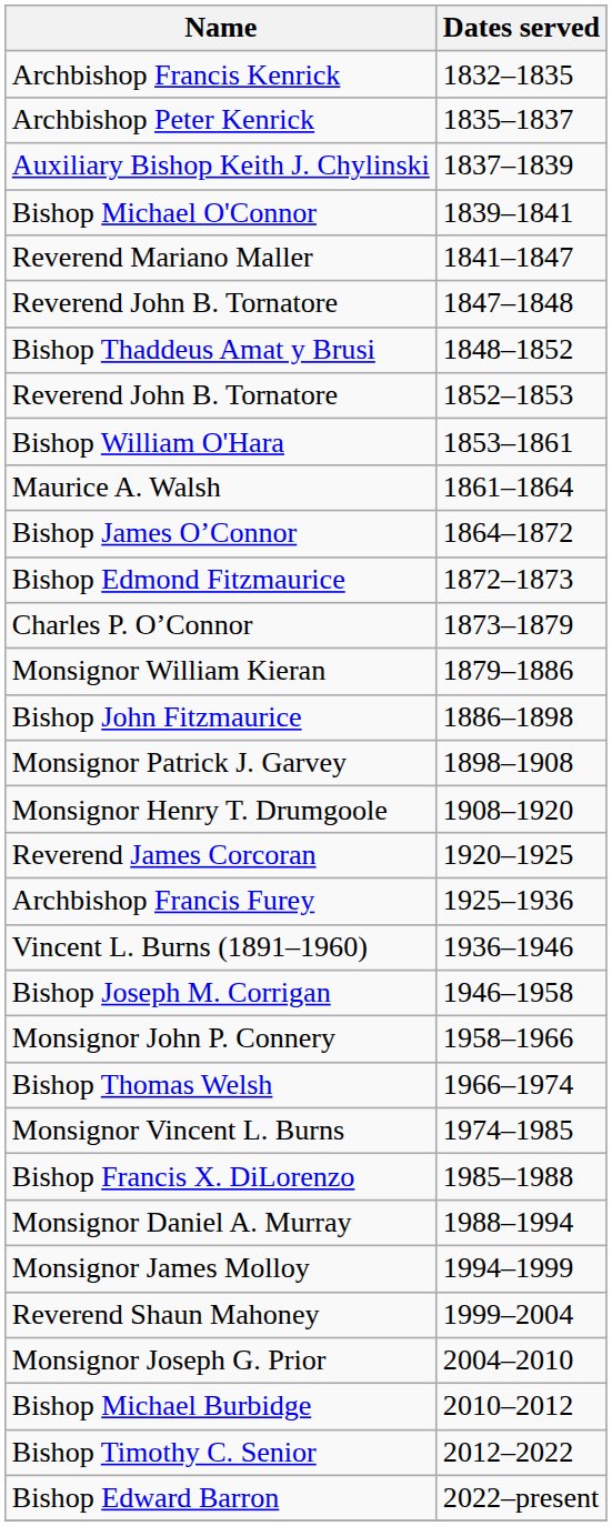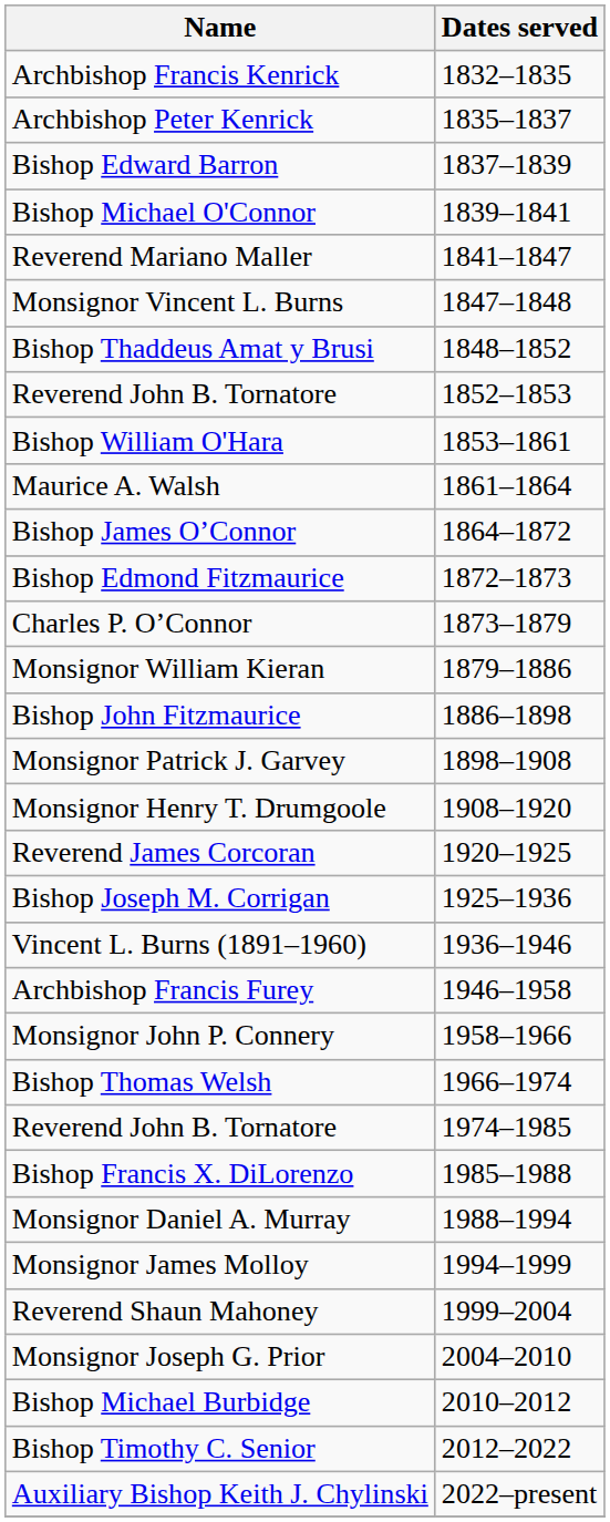 <table class="wikitable">
 <tr>
 <th>Name</th>
 <th>Dates served</th>
 </tr>
 <tr>
 <td>Archbishop <a href='#'>Francis Kenrick</a></td>
 <td>1832–1835</td>
 </tr>
 <tr>
 <td>Archbishop <a href='#'>Peter Kenrick</a></td>
 <td>1835–1837</td>
 </tr>
 <tr>
-<td><a href='#'>Auxiliary Bishop Keith J. Chylinski</a></td>
+<td>Bishop <a href='#'>Edward Barron</a></td>
 <td>1837–1839</td>
 </tr>
 <tr>
 <td>Bishop <a href='#'>Michael O'Connor</a></td>
 <td>1839–1841</td>
 </tr>
 <tr>
 <td>Reverend Mariano Maller</td>
 <td>1841–1847</td>
 </tr>
 <tr>
-<td>Reverend John B. Tornatore</td>
+<td>Monsignor Vincent L. Burns</td>
 <td>1847–1848</td>
 </tr>
 <tr>
 <td>Bishop <a href='#'>Thaddeus Amat y Brusi</a></td>
 <td>1848–1852</td>
 </tr>
 <tr>
 <td>Reverend John B. Tornatore</td>
 <td>1852–1853</td>
 </tr>
 <tr>
 <td>Bishop <a href='#'>William O'Hara</a></td>
 <td>1853–1861</td>
 </tr>
 <tr>
 <td>Maurice A. Walsh</td>
 <td>1861–1864</td>
 </tr>
 <tr>
 <td>Bishop <a href='#'>James O’Connor</a></td>
 <td>1864–1872</td>
 </tr>
 <tr>
 <td>Bishop <a href='#'>Edmond Fitzmaurice</a></td>
 <td>1872–1873</td>
 </tr>
 <tr>
 <td>Charles P. O’Connor</td>
 <td>1873–1879</td>
 </tr>
 <tr>
 <td>Monsignor William Kieran</td>
 <td>1879–1886</td>
 </tr>
 <tr>
 <td>Bishop <a href='#'>John Fitzmaurice</a></td>
 <td>1886–1898</td>
 </tr>
 <tr>
 <td>Monsignor Patrick J. Garvey</td>
 <td>1898–1908</td>
 </tr>
 <tr>
 <td>Monsignor Henry T. Drumgoole</td>
 <td>1908–1920</td>
 </tr>
 <tr>
 <td>Reverend <a href='#'>James Corcoran</a></td>
 <td>1920–1925</td>
 </tr>
 <tr>
-<td>Archbishop <a href='#'>Francis Furey</a></td>
+<td>Bishop <a href='#'>Joseph M. Corrigan</a></td>
 <td>1925–1936</td>
 </tr>
 <tr>
 <td>Vincent L. Burns (1891–1960)</td>
 <td>1936–1946</td>
 </tr>
 <tr>
-<td>Bishop <a href='#'>Joseph M. Corrigan</a></td>
+<td>Archbishop <a href='#'>Francis Furey</a></td>
 <td>1946–1958</td>
 </tr>
 <tr>
 <td>Monsignor John P. Connery</td>
 <td>1958–1966</td>
 </tr>
 <tr>
 <td>Bishop <a href='#'>Thomas Welsh</a></td>
 <td>1966–1974</td>
 </tr>
 <tr>
-<td>Monsignor Vincent L. Burns</td>
+<td>Reverend John B. Tornatore</td>
 <td>1974–1985</td>
 </tr>
 <tr>
 <td>Bishop <a href='#'>Francis X. DiLorenzo</a></td>
 <td>1985–1988</td>
 </tr>
 <tr>
 <td>Monsignor Daniel A. Murray</td>
 <td>1988–1994</td>
 </tr>
 <tr>
 <td>Monsignor James Molloy</td>
 <td>1994–1999</td>
 </tr>
 <tr>
 <td>Reverend Shaun Mahoney</td>
 <td>1999–2004</td>
 </tr>
 <tr>
 <td>Monsignor Joseph G. Prior</td>
 <td>2004–2010</td>
 </tr>
 <tr>
 <td>Bishop <a href='#'>Michael Burbidge</a></td>
 <td>2010–2012</td>
 </tr>
 <tr>
 <td>Bishop <a href='#'>Timothy C. Senior</a></td>
 <td>2012–2022</td>
 </tr>
 <tr>
-<td>Bishop <a href='#'>Edward Barron</a></td>
+<td><a href='#'>Auxiliary Bishop Keith J. Chylinski</a></td>
 <td>2022–present</td>
 </tr>
 <tr>
 </tr>
 </table>
